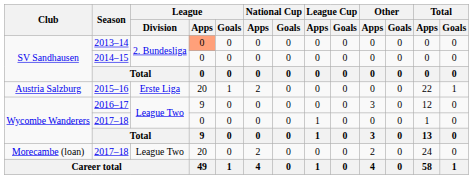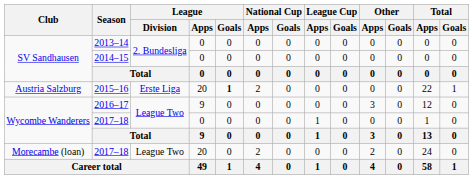 <table class="wikitable" style="text-align: center">
 <tr>
 <th rowspan="2">Club</th>
 <th rowspan="2">Season</th>
 <th colspan="3">League</th>
 <th colspan="2">National Cup</th>
 <th colspan="2">League Cup</th>
 <th colspan="2">Other</th>
 <th colspan="2">Total</th>
 </tr>
 <tr>
 <th>Division</th>
 <th>Apps</th>
 <th>Goals</th>
 <th>Apps</th>
 <th>Goals</th>
 <th>Apps</th>
 <th>Goals</th>
 <th>Apps</th>
 <th>Goals</th>
 <th>Apps</th>
 <th>Goals</th>
 </tr>
 <tr>
 <td rowspan="3"><a href='#'>SV Sandhausen</a></td>
 <td><a href='#'>2013–14</a></td>
 <td rowspan="2"><a href='#'>2. Bundesliga</a></td>
-<td style="background: lightsalmon;">0</td>
+<td>0</td>
 <td>0</td>
 <td>0</td>
 <td>0</td>
 <td>0</td>
 <td>0</td>
 <td>0</td>
 <td>0</td>
 <td>0</td>
 <td>0</td>
 </tr>
 <tr>
 <td><a href='#'>2014–15</a></td>
 <td>0</td>
 <td>0</td>
 <td>0</td>
 <td>0</td>
 <td>0</td>
 <td>0</td>
 <td>0</td>
 <td>0</td>
 <td>0</td>
 <td>0</td>
 </tr>
 <tr>
 <th colspan="2">Total</th>
 <th>0</th>
 <th>0</th>
 <th>0</th>
 <th>0</th>
 <th>0</th>
 <th>0</th>
 <th>0</th>
 <th>0</th>
 <th>0</th>
 <th>0</th>
 </tr>
 <tr>
 <td><a href='#'>Austria Salzburg</a></td>
 <td><a href='#'>2015–16</a></td>
 <td><a href='#'>Erste Liga</a></td>
 <td>20</td>
-<td>1</td>
+<td><strong>1</strong></td>
 <td>2</td>
 <td>0</td>
 <td>0</td>
 <td>0</td>
 <td>0</td>
 <td>0</td>
 <td>22</td>
 <td>1</td>
 </tr>
 <tr>
 <td rowspan="3"><a href='#'>Wycombe Wanderers</a></td>
 <td><a href='#'>2016–17</a></td>
 <td rowspan="2"><a href='#'>League Two</a></td>
 <td>9</td>
 <td>0</td>
 <td>0</td>
 <td>0</td>
 <td>0</td>
 <td>0</td>
 <td>3</td>
 <td>0</td>
 <td>12</td>
 <td>0</td>
 </tr>
 <tr>
 <td><a href='#'>2017–18</a></td>
 <td>0</td>
 <td>0</td>
 <td>0</td>
 <td>0</td>
 <td>1</td>
 <td>0</td>
 <td>0</td>
 <td>0</td>
 <td>1</td>
 <td>0</td>
 </tr>
 <tr>
 <th colspan="2">Total</th>
 <th>9</th>
 <th>0</th>
 <th>0</th>
 <th>0</th>
 <th>1</th>
 <th>0</th>
 <th>3</th>
 <th>0</th>
 <th>13</th>
 <th>0</th>
 </tr>
 <tr>
 <td><a href='#'>Morecambe</a> (loan)</td>
 <td><a href='#'>2017–18</a></td>
 <td>League Two</td>
 <td>20</td>
 <td>0</td>
 <td>2</td>
 <td>0</td>
 <td>0</td>
 <td>0</td>
 <td>2</td>
 <td>0</td>
 <td>24</td>
 <td>0</td>
 </tr>
 <tr>
 <th colspan="3">Career total</th>
 <th>49</th>
 <th>1</th>
 <th>4</th>
 <th>0</th>
 <th>1</th>
 <th>0</th>
 <th>4</th>
 <th>0</th>
 <th>58</th>
 <th>1</th>
 </tr>
 </table>
